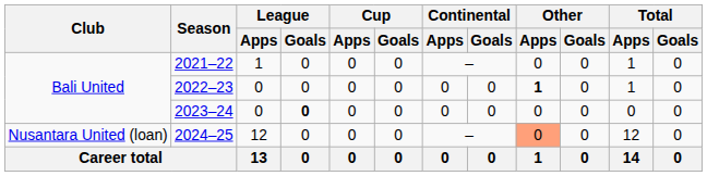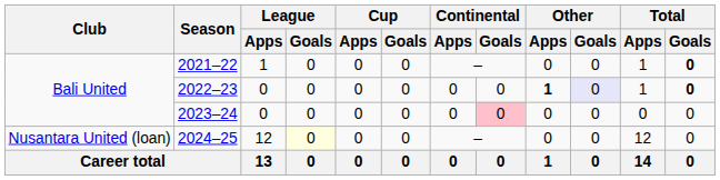 <table class="wikitable" style="text-align: center">
 <tr>
 <th rowspan="2">Club</th>
 <th rowspan="2">Season</th>
 <th colspan="2">League</th>
 <th colspan="2">Cup</th>
 <th colspan="2">Continental</th>
 <th colspan="2">Other</th>
 <th colspan="2">Total</th>
 </tr>
 <tr>
 <th>Apps</th>
 <th>Goals</th>
 <th>Apps</th>
 <th>Goals</th>
 <th>Apps</th>
 <th>Goals</th>
 <th>Apps</th>
 <th>Goals</th>
 <th>Apps</th>
 <th>Goals</th>
 </tr>
 <tr>
 <td rowspan="3"><a href='#'>Bali United</a></td>
 <td><a href='#'>2021–22</a></td>
 <td>1</td>
 <td>0</td>
 <td>0</td>
 <td>0</td>
 <td colspan="2">–</td>
 <td>0</td>
 <td>0</td>
 <td>1</td>
-<td>0</td>
+<td><strong>0</strong></td>
 </tr>
 <tr>
 <td><a href='#'>2022–23</a></td>
 <td>0</td>
 <td>0</td>
 <td>0</td>
 <td>0</td>
 <td>0</td>
 <td>0</td>
 <td><strong>1</strong></td>
-<td>0</td>
+<td style="background: lavender;">0</td>
 <td>1</td>
-<td>0</td>
+<td><strong>0</strong></td>
 </tr>
 <tr>
 <td><a href='#'>2023–24</a></td>
 <td>0</td>
-<td><strong>0</strong></td>
 <td>0</td>
 <td>0</td>
 <td>0</td>
 <td>0</td>
+<td style="background: pink;">0</td>
 <td>0</td>
 <td>0</td>
 <td>0</td>
 <td>0</td>
 </tr>
 <tr>
 <td rowspan="1"><a href='#'>Nusantara United</a> (loan)</td>
 <td><a href='#'>2024–25</a></td>
 <td>12</td>
-<td>0</td>
+<td style="background: lightyellow;">0</td>
 <td>0</td>
 <td>0</td>
 <td colspan="2">–</td>
-<td style="background: lightsalmon;">0</td>
+<td>0</td>
 <td>0</td>
 <td>12</td>
 <td>0</td>
 </tr>
 <tr>
 <th colspan=2>Career total</th>
 <th>13</th>
 <th>0</th>
 <th>0</th>
 <th>0</th>
 <th>0</th>
 <th>0</th>
 <th>1</th>
 <th>0</th>
 <th>14</th>
 <th>0</th>
 </tr>
 </table>
